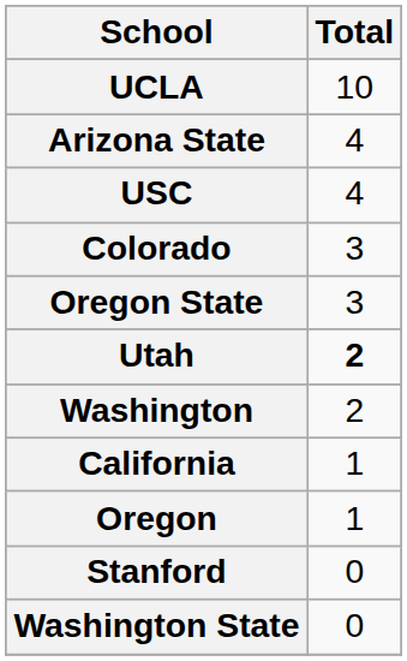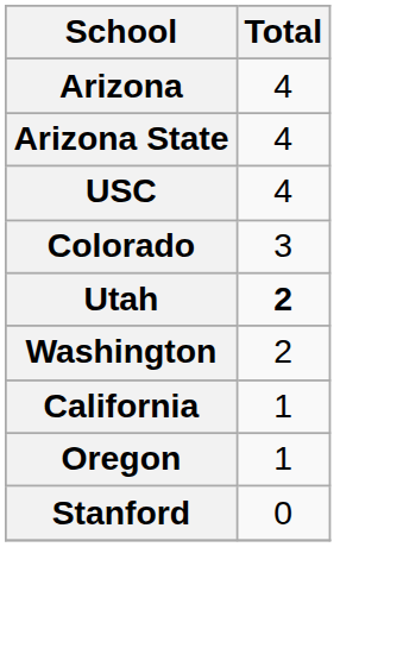 <table class=wikitable style="text-align:center">
 <tr>
 <th>School</th>
 <th>Total</th>
 </tr>
 <tr>
-<th style=>UCLA</th>
-<td>10</td>
+<th style=>Arizona</th>
+<td>4</td>
 </tr>
 <tr>
 <th>Arizona State</th>
 <td>4</td>
 </tr>
 <tr>
 <th style=>USC</th>
 <td>4</td>
 </tr>
 <tr>
 <th style=>Colorado</th>
-<td>3</td>
-</tr>
-<tr>
-<th style=>Oregon State</th>
 <td>3</td>
 </tr>
 <tr>
 <th style=>Utah</th>
 <td><strong>2</strong></td>
 </tr>
 <tr>
 <th style=>Washington</th>
 <td>2</td>
 </tr>
 <tr>
 <th style=>California</th>
 <td>1</td>
 </tr>
 <tr>
 <th style=>Oregon</th>
 <td>1</td>
 </tr>
 <tr>
 <th style=>Stanford</th>
 <td>0</td>
 </tr>
 <tr>
-<th style=>Washington State</th>
-<td>0</td>
-</tr>
-<tr>
 </tr>
 </table>
